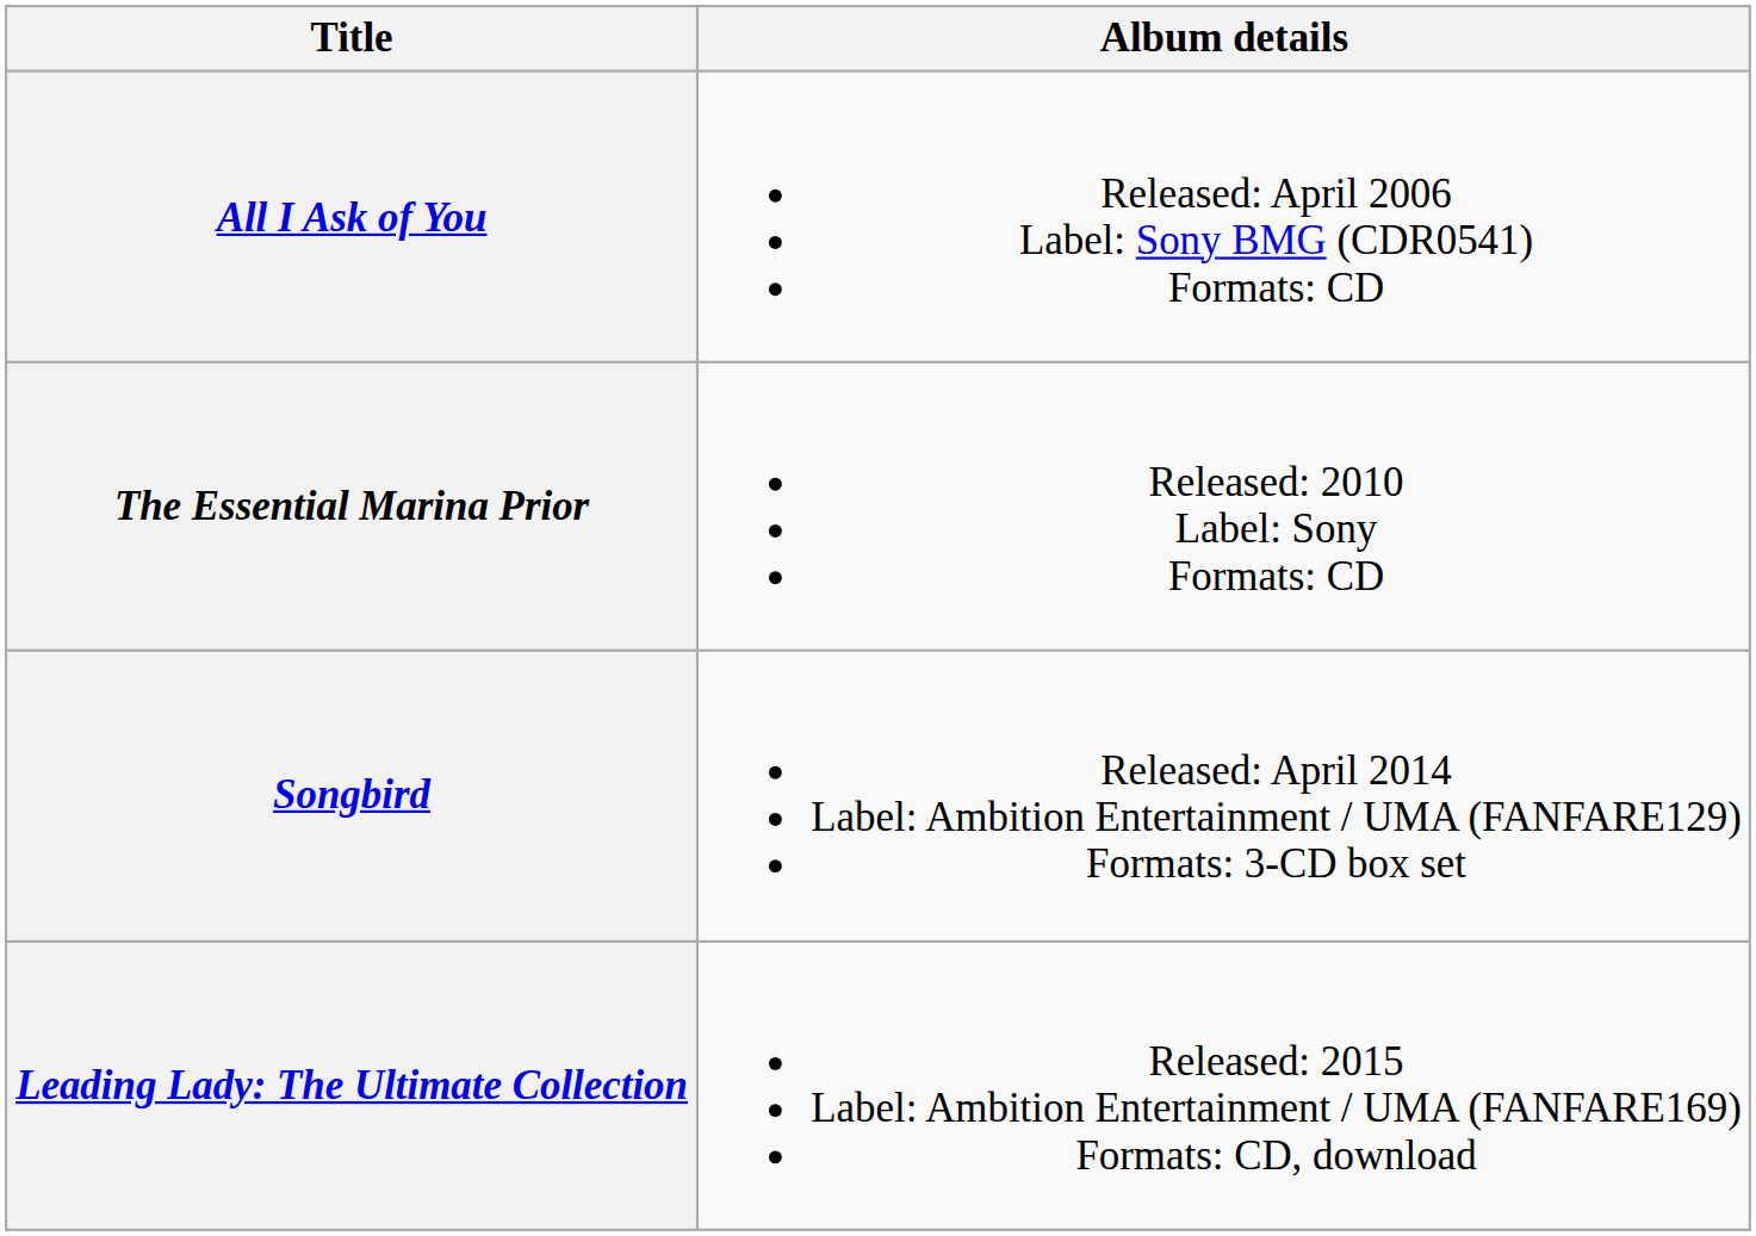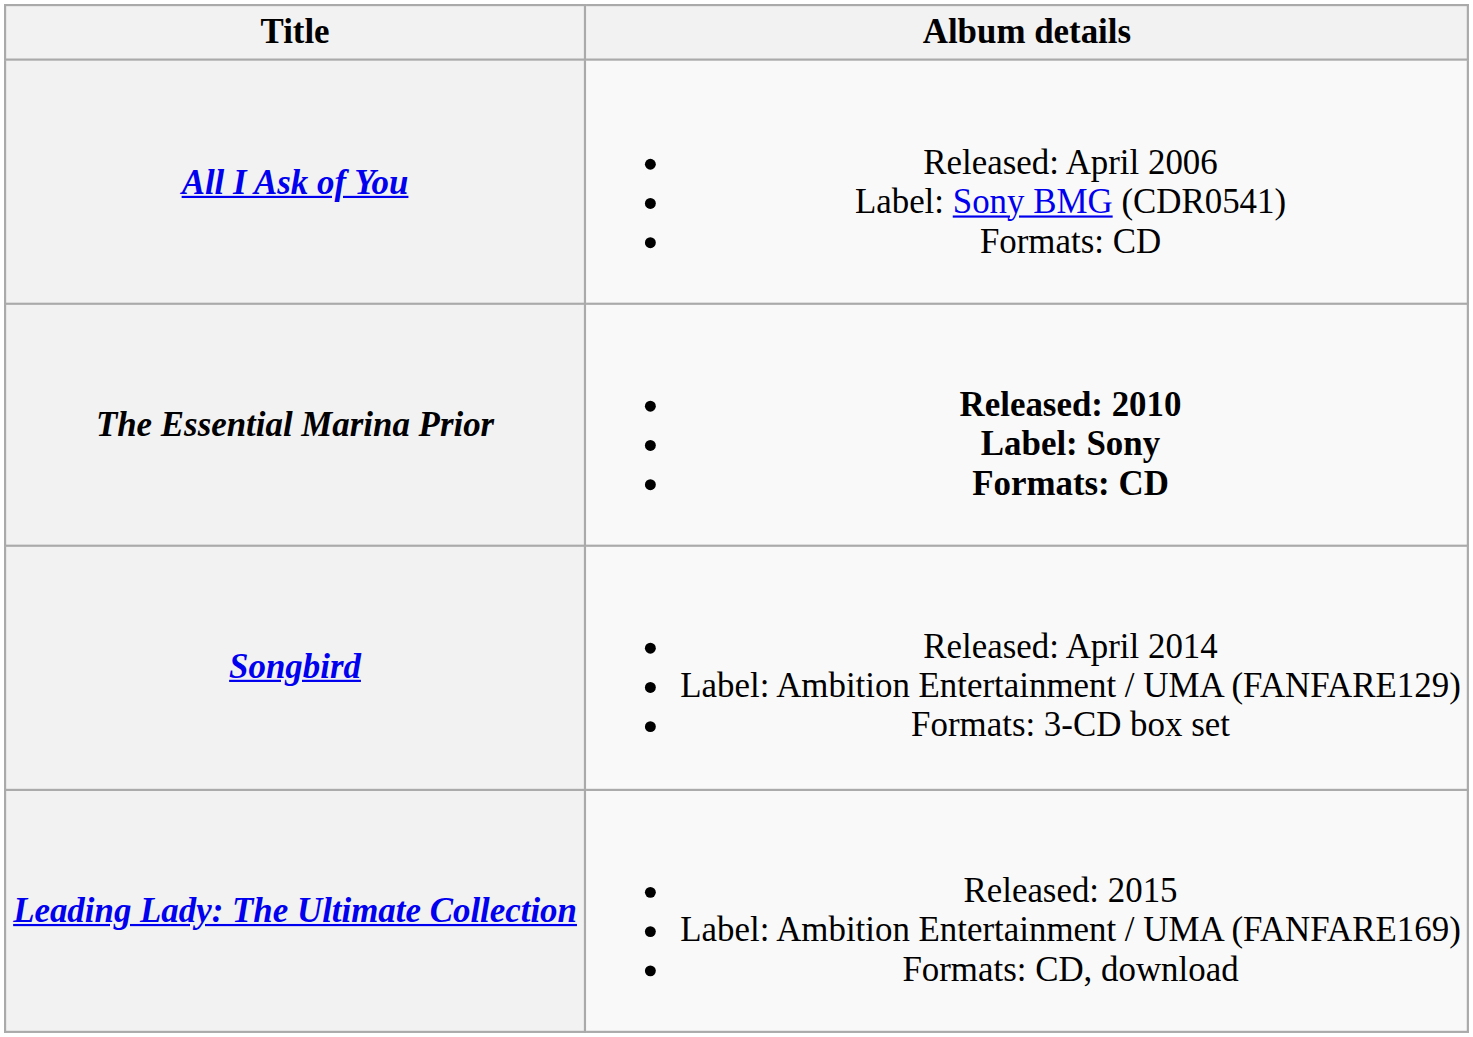 <table class="wikitable plainrowheaders" style="text-align:center;" border="1">
 <tr>
 <th scope="col">Title</th>
 <th scope="col">Album details</th>
 </tr>
 <tr>
 <th scope="row"><em><a href='#'>All I Ask of You</a></em></th>
 <td><br><ul><li>Released: April 2006</li><li>Label: <a href='#'>Sony BMG</a> (CDR0541)</li><li>Formats: CD</li></ul></td>
 </tr>
 <tr>
 <th scope="row"><em>The Essential Marina Prior</em></th>
-<td><br><ul><li>Released: 2010</li><li>Label: Sony</li><li>Formats: CD</li></ul></td>
+<td><strong><br><ul><li>Released: 2010</li><li>Label: Sony</li><li>Formats: CD</li></ul></strong></td>
 </tr>
 <tr>
 <th scope="row"><em><a href='#'>Songbird</a></em></th>
 <td><br><ul><li>Released: April 2014</li><li>Label: Ambition Entertainment / UMA (FANFARE129)</li><li>Formats: 3-CD box set</li></ul></td>
 </tr>
 <tr>
 <th scope="row"><em><a href='#'>Leading Lady: The Ultimate Collection</a></em></th>
 <td><br><ul><li>Released: 2015</li><li>Label: Ambition Entertainment / UMA (FANFARE169)</li><li>Formats: CD, download</li></ul></td>
 </tr>
 </table>
